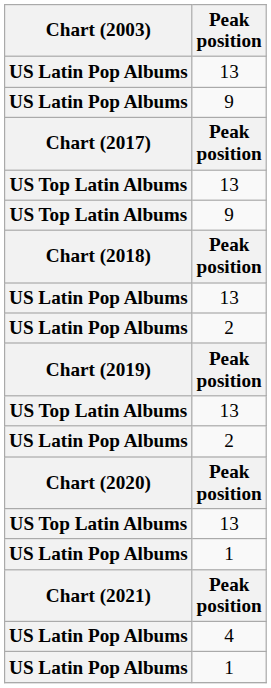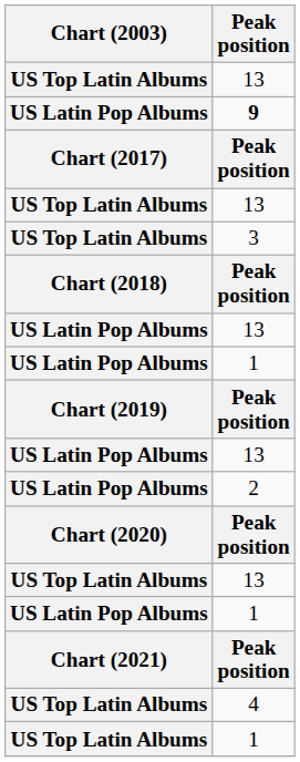 <table class="wikitable sortable plainrowheaders" style="text-align:center;">
 <tr>
 <th scope="col">Chart (2003)</th>
 <th scope="col">Peak<br>position</th>
 </tr>
 <tr>
-<th scope="row">US Latin Pop Albums</th>
+<th scope="row">US Top Latin Albums</th>
 <td>13</td>
 </tr>
 <tr>
 <th scope="row">US Latin Pop Albums</th>
-<td>9</td>
+<td><strong>9</strong></td>
 </tr>
 <tr>
 <th scope="col">Chart (2017)</th>
 <th scope="col">Peak<br>position</th>
 </tr>
 <tr>
 <th scope="row">US Top Latin Albums</th>
 <td>13</td>
 </tr>
 <tr>
 <th scope="row">US Top Latin Albums</th>
-<td>9</td>
+<td>3</td>
 </tr>
 <tr>
 <th scope="col">Chart (2018)</th>
 <th scope="col">Peak<br>position</th>
 </tr>
 <tr>
 <th scope="row">US Latin Pop Albums</th>
 <td>13</td>
 </tr>
 <tr>
 <th scope="row">US Latin Pop Albums</th>
-<td>2</td>
+<td>1</td>
 </tr>
 <tr>
 <th scope="col">Chart (2019)</th>
 <th scope="col">Peak<br>position</th>
 </tr>
 <tr>
-<th scope="row">US Top Latin Albums</th>
+<th scope="row">US Latin Pop Albums</th>
 <td>13</td>
 </tr>
 <tr>
 <th scope="row">US Latin Pop Albums</th>
 <td>2</td>
 </tr>
 <tr>
 <th scope="col">Chart (2020)</th>
 <th scope="col">Peak<br>position</th>
 </tr>
 <tr>
 <th scope="row">US Top Latin Albums</th>
 <td>13</td>
 </tr>
 <tr>
 <th scope="row">US Latin Pop Albums</th>
 <td>1</td>
 </tr>
 <tr>
 <th scope="col">Chart (2021)</th>
 <th scope="col">Peak<br>position</th>
 </tr>
 <tr>
-<th scope="row">US Latin Pop Albums</th>
+<th scope="row">US Top Latin Albums</th>
 <td>4</td>
 </tr>
 <tr>
-<th scope="row">US Latin Pop Albums</th>
+<th scope="row">US Top Latin Albums</th>
 <td>1</td>
 </tr>
 <tr>
 </tr>
 </table>
